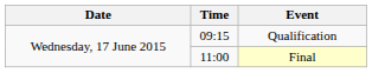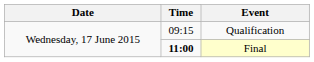 <table class = "wikitable" style="text-align:center;">
 <tr>
 <th width=220>Date</th>
 <th width=50>Time</th>
 <th width=150>Event</th>
 </tr>
 <tr>
 <td rowspan=2>Wednesday, 17 June 2015</td>
 <td>09:15</td>
 <td>Qualification</td>
 </tr>
 <tr>
-<td>11:00</td>
+<td><strong>11:00</strong></td>
 <td bgcolor=ffffcc>Final</td>
 </tr>
 </table>
